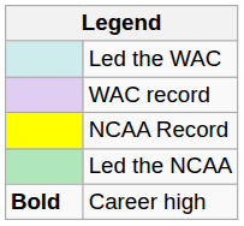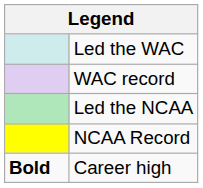 <table class="wikitable">
 <tr>
 <th colspan="2">Legend</th>
 </tr>
 <tr>
 <td style="background:#cfecec; width:3em;"></td>
 <td>Led the WAC</td>
 </tr>
 <tr>
 <td style="background:#E0CEF2; width:3em"></td>
 <td>WAC record</td>
 </tr>
 <tr>
+<td style="background:#afe6ba; width:3em;"></td>
+<td>Led the NCAA</td>
+</tr>
+<tr>
 <td style="background:#ff0; width:3em;"></td>
 <td>NCAA Record</td>
-</tr>
-<tr>
-<td style="background:#afe6ba; width:3em;"></td>
-<td>Led the NCAA</td>
 </tr>
 <tr>
 <td><strong>Bold</strong></td>
 <td>Career high</td>
 </tr>
 </table>
